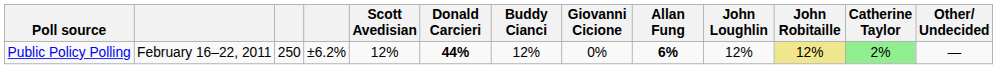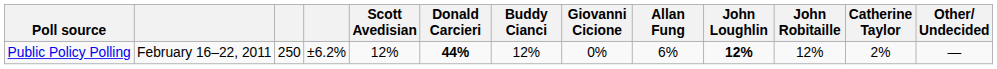 <table class="wikitable" style="text-align:center">
 <tr valign= bottom>
 <th>Poll source</th>
 <th></th>
 <th></th>
 <th></th>
 <th style="width:75px;">Scott<br>Avedisian</th>
 <th style="width:75px;">Donald<br>Carcieri</th>
 <th style="width:75px;">Buddy<br>Cianci</th>
 <th style="width:75px;">Giovanni<br>Cicione</th>
 <th style="width:75px;">Allan<br>Fung</th>
 <th style="width:75px;">John<br>Loughlin</th>
 <th style="width:75px;">John<br>Robitaille</th>
 <th style="width:75px;">Catherine<br>Taylor</th>
 <th>Other/<br>Undecided</th>
 </tr>
 <tr>
 <td align=left rowspan=2><a href='#'>Public Policy Polling</a></td>
 <td rowspan=2>February 16–22, 2011</td>
 <td rowspan=2>250</td>
 <td rowspan=2>±6.2%</td>
 <td>12%</td>
 <td><strong>44%</strong></td>
 <td>12%</td>
 <td>0%</td>
-<td><strong>6%</strong></td>
+<td>6%</td>
+<td><strong>12%</strong></td>
 <td>12%</td>
-<td style="background: khaki;">12%</td>
-<td style="background: lightgreen;">2%</td>
+<td>2%</td>
 <td>—</td>
 </tr>
 </table>
